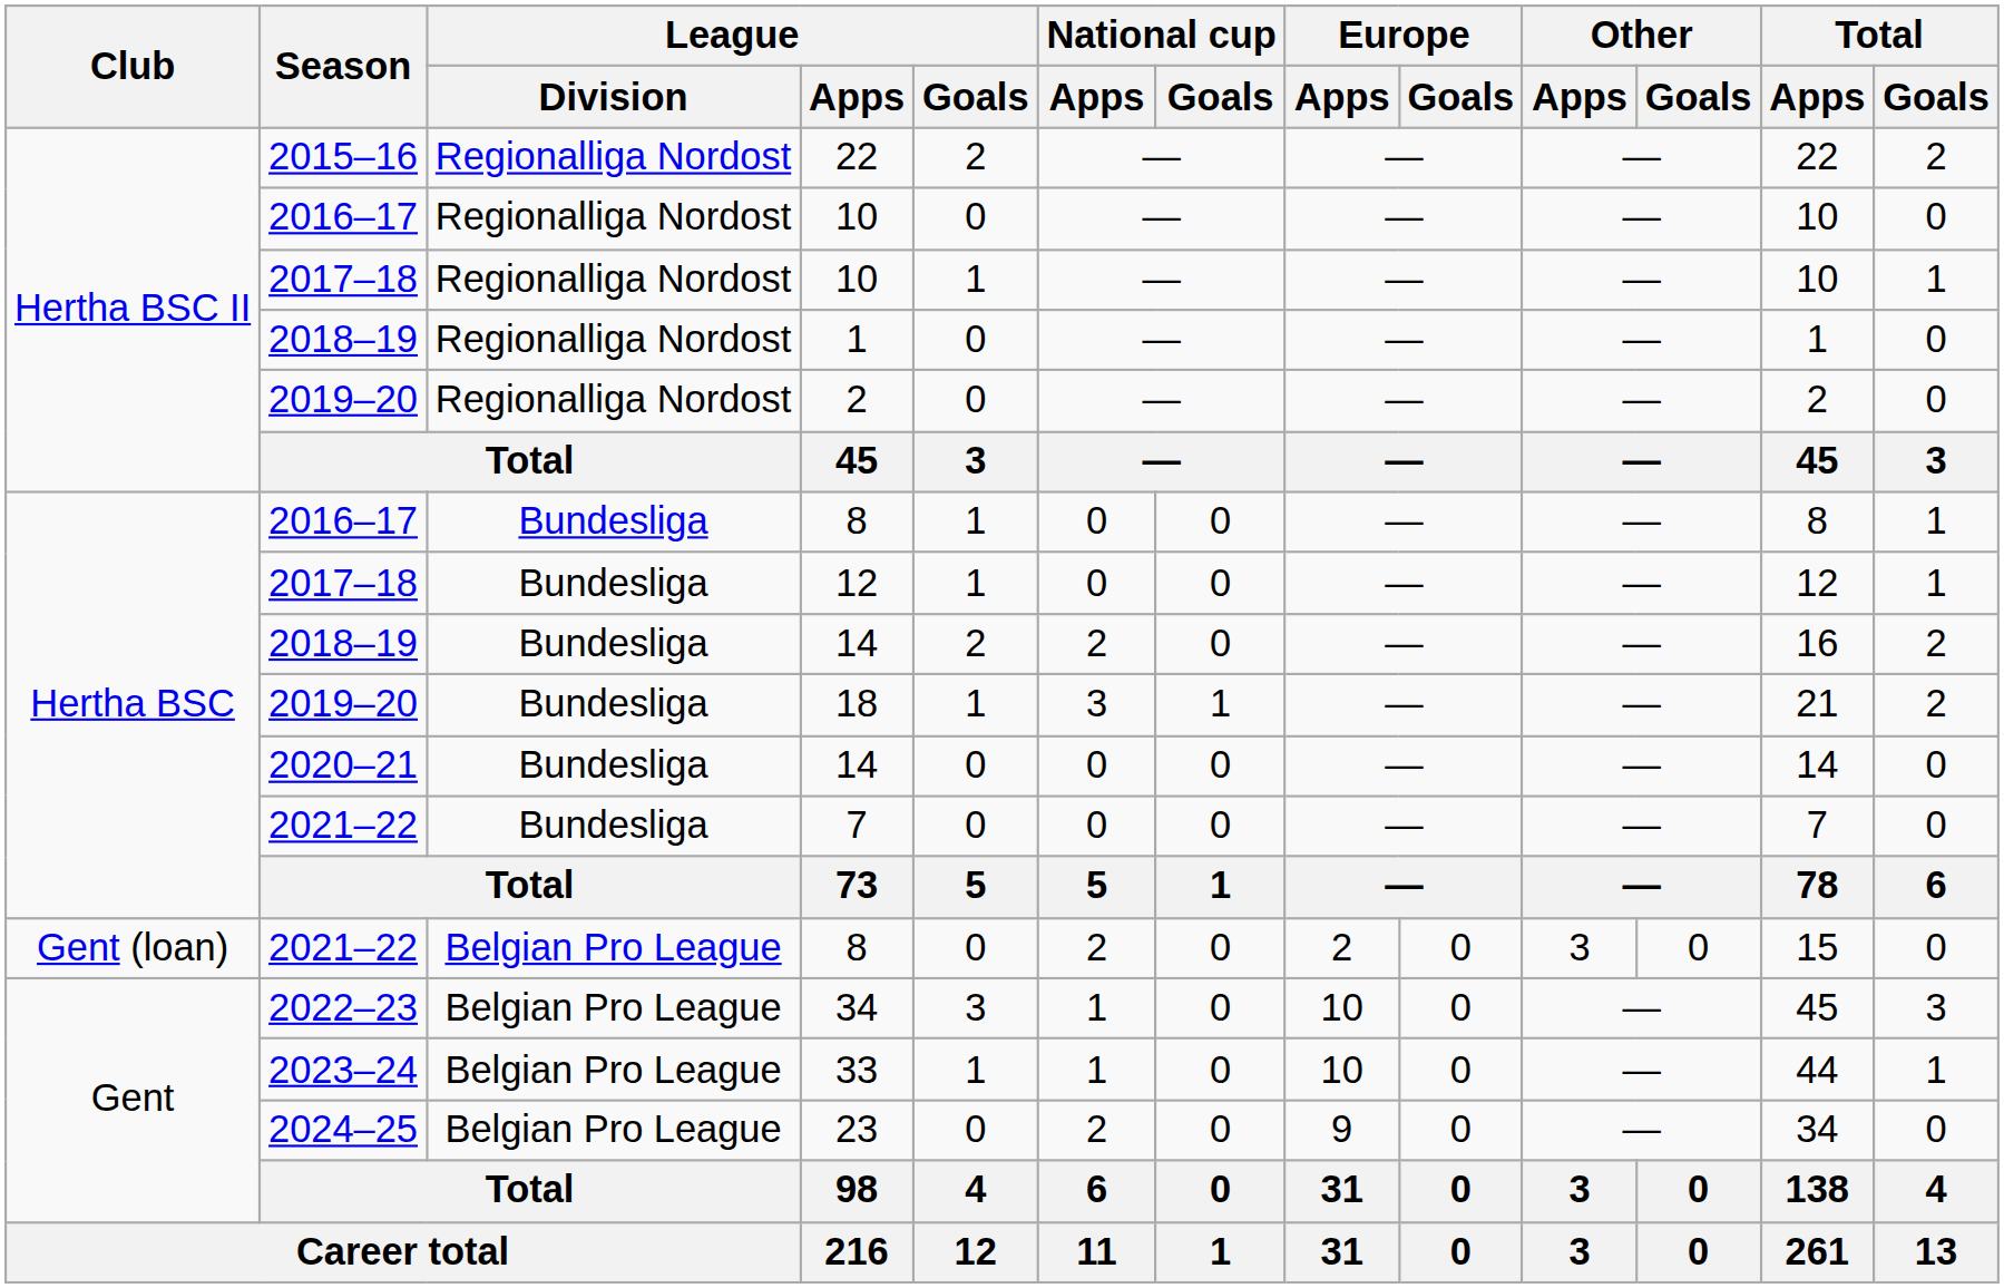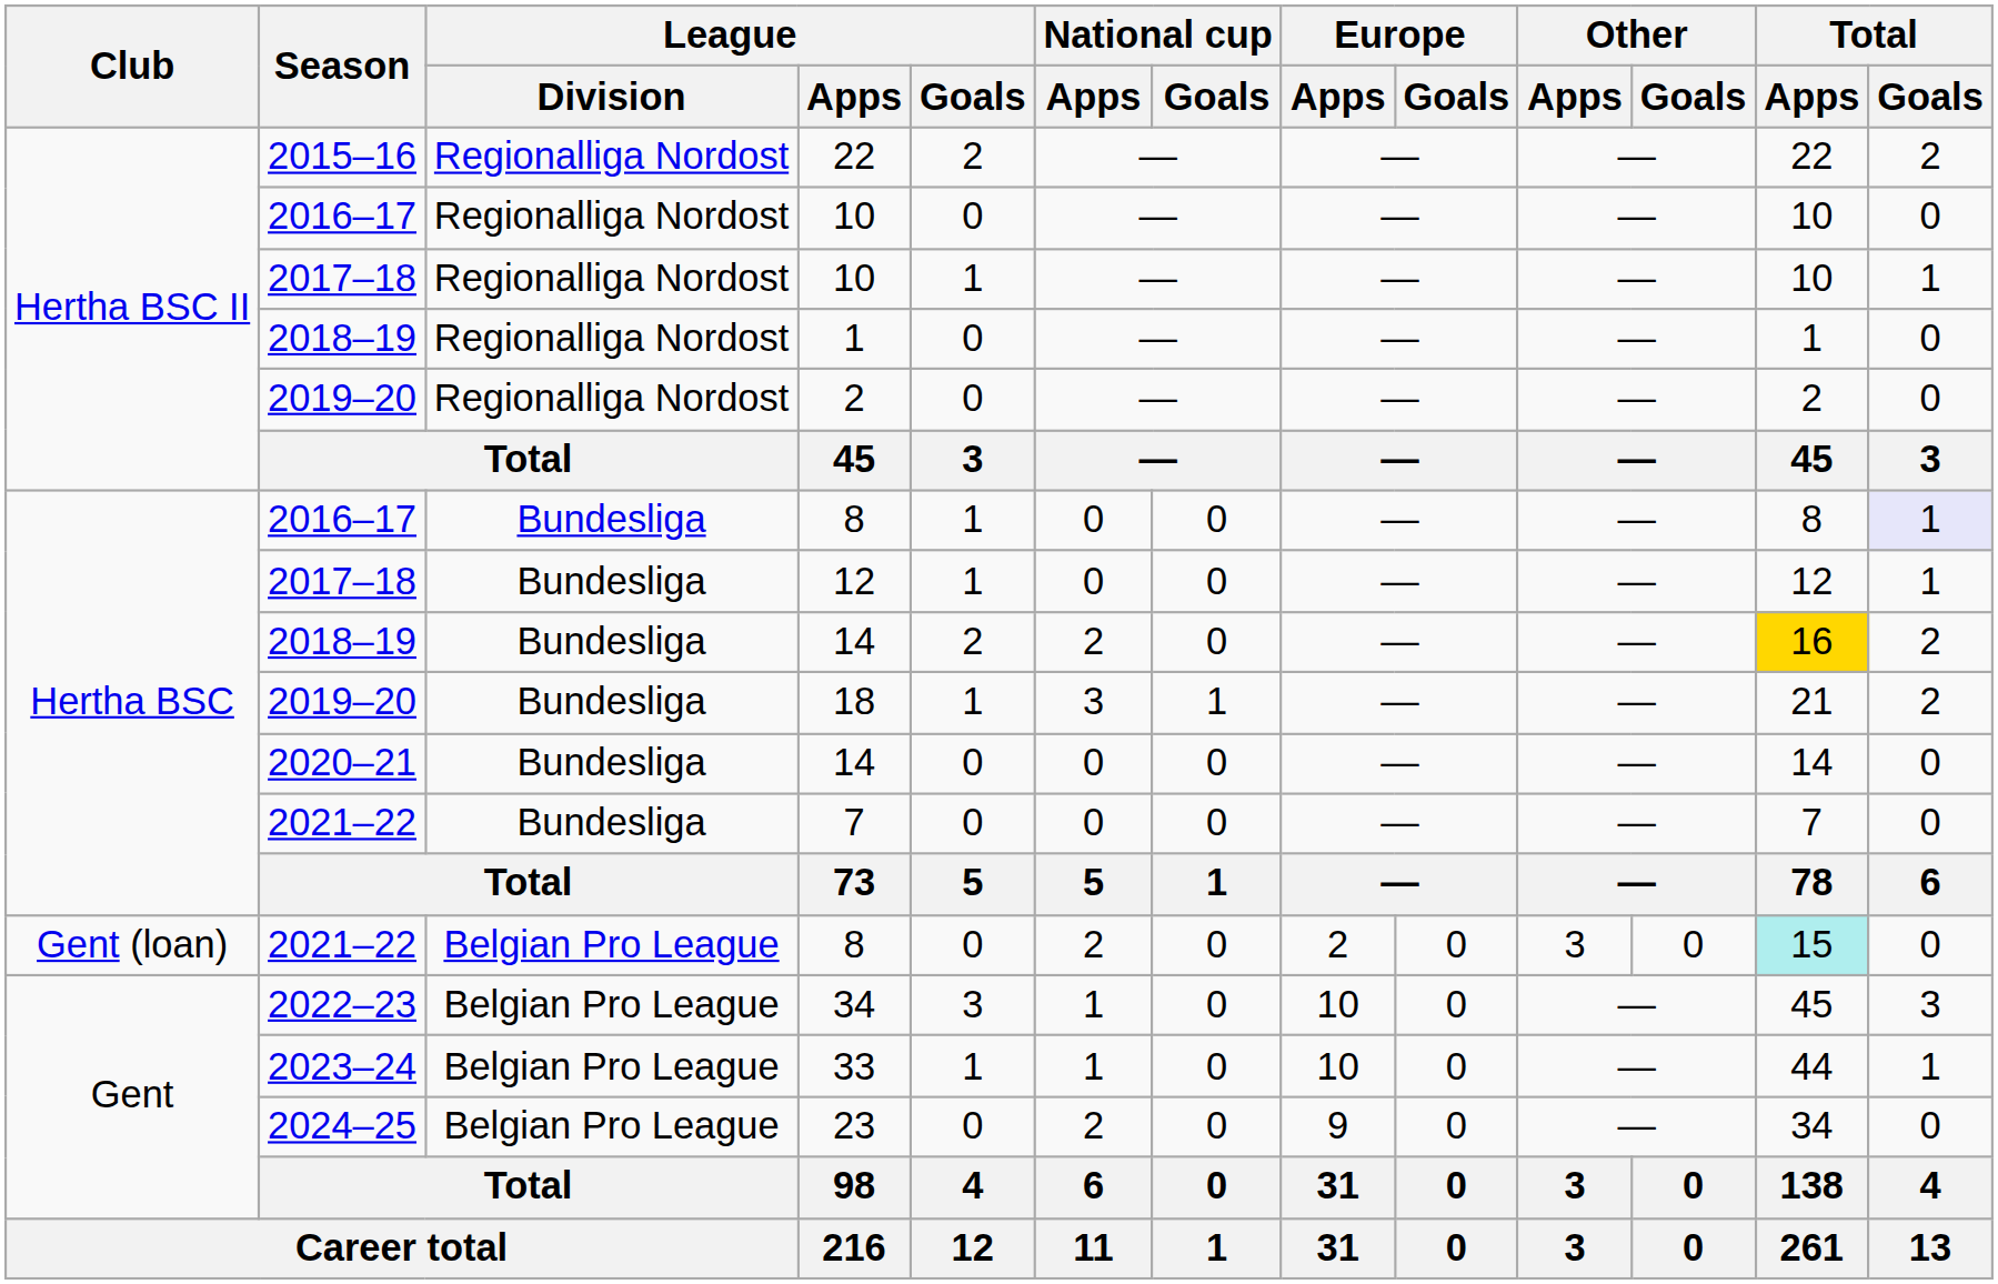 <table class="wikitable" style="text-align:center">
 <tr>
 <th rowspan="2">Club</th>
 <th rowspan="2">Season</th>
 <th colspan="3">League</th>
 <th colspan="2">National cup</th>
 <th colspan="2">Europe</th>
 <th colspan="2">Other</th>
 <th colspan="2">Total</th>
 </tr>
 <tr>
 <th>Division</th>
 <th>Apps</th>
 <th>Goals</th>
 <th>Apps</th>
 <th>Goals</th>
 <th>Apps</th>
 <th>Goals</th>
 <th>Apps</th>
 <th>Goals</th>
 <th>Apps</th>
 <th>Goals</th>
 </tr>
 <tr>
 <td rowspan="6"><a href='#'>Hertha BSC II</a></td>
 <td><a href='#'>2015–16</a></td>
 <td><a href='#'>Regionalliga Nordost</a></td>
 <td>22</td>
 <td>2</td>
 <td colspan="2">—</td>
 <td colspan="2">—</td>
 <td colspan="2">—</td>
 <td>22</td>
 <td>2</td>
 </tr>
 <tr>
 <td><a href='#'>2016–17</a></td>
 <td>Regionalliga Nordost</td>
 <td>10</td>
 <td>0</td>
 <td colspan="2">—</td>
 <td colspan="2">—</td>
 <td colspan="2">—</td>
 <td>10</td>
 <td>0</td>
 </tr>
 <tr>
 <td><a href='#'>2017–18</a></td>
 <td>Regionalliga Nordost</td>
 <td>10</td>
 <td>1</td>
 <td colspan="2">—</td>
 <td colspan="2">—</td>
 <td colspan="2">—</td>
 <td>10</td>
 <td>1</td>
 </tr>
 <tr>
 <td><a href='#'>2018–19</a></td>
 <td>Regionalliga Nordost</td>
 <td>1</td>
 <td>0</td>
 <td colspan="2">—</td>
 <td colspan="2">—</td>
 <td colspan="2">—</td>
 <td>1</td>
 <td>0</td>
 </tr>
 <tr>
 <td><a href='#'>2019–20</a></td>
 <td>Regionalliga Nordost</td>
 <td>2</td>
 <td>0</td>
 <td colspan="2">—</td>
 <td colspan="2">—</td>
 <td colspan="2">—</td>
 <td>2</td>
 <td>0</td>
 </tr>
 <tr>
 <th colspan="2">Total</th>
 <th>45</th>
 <th>3</th>
 <th colspan="2">—</th>
 <th colspan="2">—</th>
 <th colspan="2">—</th>
 <th>45</th>
 <th>3</th>
 </tr>
 <tr>
 <td rowspan="7"><a href='#'>Hertha BSC</a></td>
 <td><a href='#'>2016–17</a></td>
 <td><a href='#'>Bundesliga</a></td>
 <td>8</td>
 <td>1</td>
 <td>0</td>
 <td>0</td>
 <td colspan="2">—</td>
 <td colspan="2">—</td>
 <td>8</td>
-<td>1</td>
+<td style="background: lavender;">1</td>
 </tr>
 <tr>
 <td><a href='#'>2017–18</a></td>
 <td>Bundesliga</td>
 <td>12</td>
 <td>1</td>
 <td>0</td>
 <td>0</td>
 <td colspan="2">—</td>
 <td colspan="2">—</td>
 <td>12</td>
 <td>1</td>
 </tr>
 <tr>
 <td><a href='#'>2018–19</a></td>
 <td>Bundesliga</td>
 <td>14</td>
 <td>2</td>
 <td>2</td>
 <td>0</td>
 <td colspan="2">—</td>
 <td colspan="2">—</td>
-<td>16</td>
+<td style="background: gold;">16</td>
 <td>2</td>
 </tr>
 <tr>
 <td><a href='#'>2019–20</a></td>
 <td>Bundesliga</td>
 <td>18</td>
 <td>1</td>
 <td>3</td>
 <td>1</td>
 <td colspan="2">—</td>
 <td colspan="2">—</td>
 <td>21</td>
 <td>2</td>
 </tr>
 <tr>
 <td><a href='#'>2020–21</a></td>
 <td>Bundesliga</td>
 <td>14</td>
 <td>0</td>
 <td>0</td>
 <td>0</td>
 <td colspan="2">—</td>
 <td colspan="2">—</td>
 <td>14</td>
 <td>0</td>
 </tr>
 <tr>
 <td><a href='#'>2021–22</a></td>
 <td>Bundesliga</td>
 <td>7</td>
 <td>0</td>
 <td>0</td>
 <td>0</td>
 <td colspan="2">—</td>
 <td colspan="2">—</td>
 <td>7</td>
 <td>0</td>
 </tr>
 <tr>
 <th colspan="2">Total</th>
 <th>73</th>
 <th>5</th>
 <th>5</th>
 <th>1</th>
 <th colspan="2">—</th>
 <th colspan="2">—</th>
 <th>78</th>
 <th>6</th>
 </tr>
 <tr>
 <td><a href='#'>Gent</a> (loan)</td>
 <td><a href='#'>2021–22</a></td>
 <td><a href='#'>Belgian Pro League</a></td>
 <td>8</td>
 <td>0</td>
 <td>2</td>
 <td>0</td>
 <td>2</td>
 <td>0</td>
 <td>3</td>
 <td>0</td>
-<td>15</td>
+<td style="background: paleturquoise;">15</td>
 <td>0</td>
 </tr>
 <tr>
 <td rowspan="4">Gent</td>
 <td><a href='#'>2022–23</a></td>
 <td>Belgian Pro League</td>
 <td>34</td>
 <td>3</td>
 <td>1</td>
 <td>0</td>
 <td>10</td>
 <td>0</td>
 <td colspan="2">—</td>
 <td>45</td>
 <td>3</td>
 </tr>
 <tr>
 <td><a href='#'>2023–24</a></td>
 <td>Belgian Pro League</td>
 <td>33</td>
 <td>1</td>
 <td>1</td>
 <td>0</td>
 <td>10</td>
 <td>0</td>
 <td colspan="2">—</td>
 <td>44</td>
 <td>1</td>
 </tr>
 <tr>
 <td><a href='#'>2024–25</a></td>
 <td>Belgian Pro League</td>
 <td>23</td>
 <td>0</td>
 <td>2</td>
 <td>0</td>
 <td>9</td>
 <td>0</td>
 <td colspan="2">—</td>
 <td>34</td>
 <td>0</td>
 </tr>
 <tr>
 <th colspan="2">Total</th>
 <th>98</th>
 <th>4</th>
 <th>6</th>
 <th>0</th>
 <th>31</th>
 <th>0</th>
 <th>3</th>
 <th>0</th>
 <th>138</th>
 <th>4</th>
 </tr>
 <tr>
 <th colspan="3">Career total</th>
 <th>216</th>
 <th>12</th>
 <th>11</th>
 <th>1</th>
 <th>31</th>
 <th>0</th>
 <th>3</th>
 <th>0</th>
 <th>261</th>
 <th>13</th>
 </tr>
 </table>
